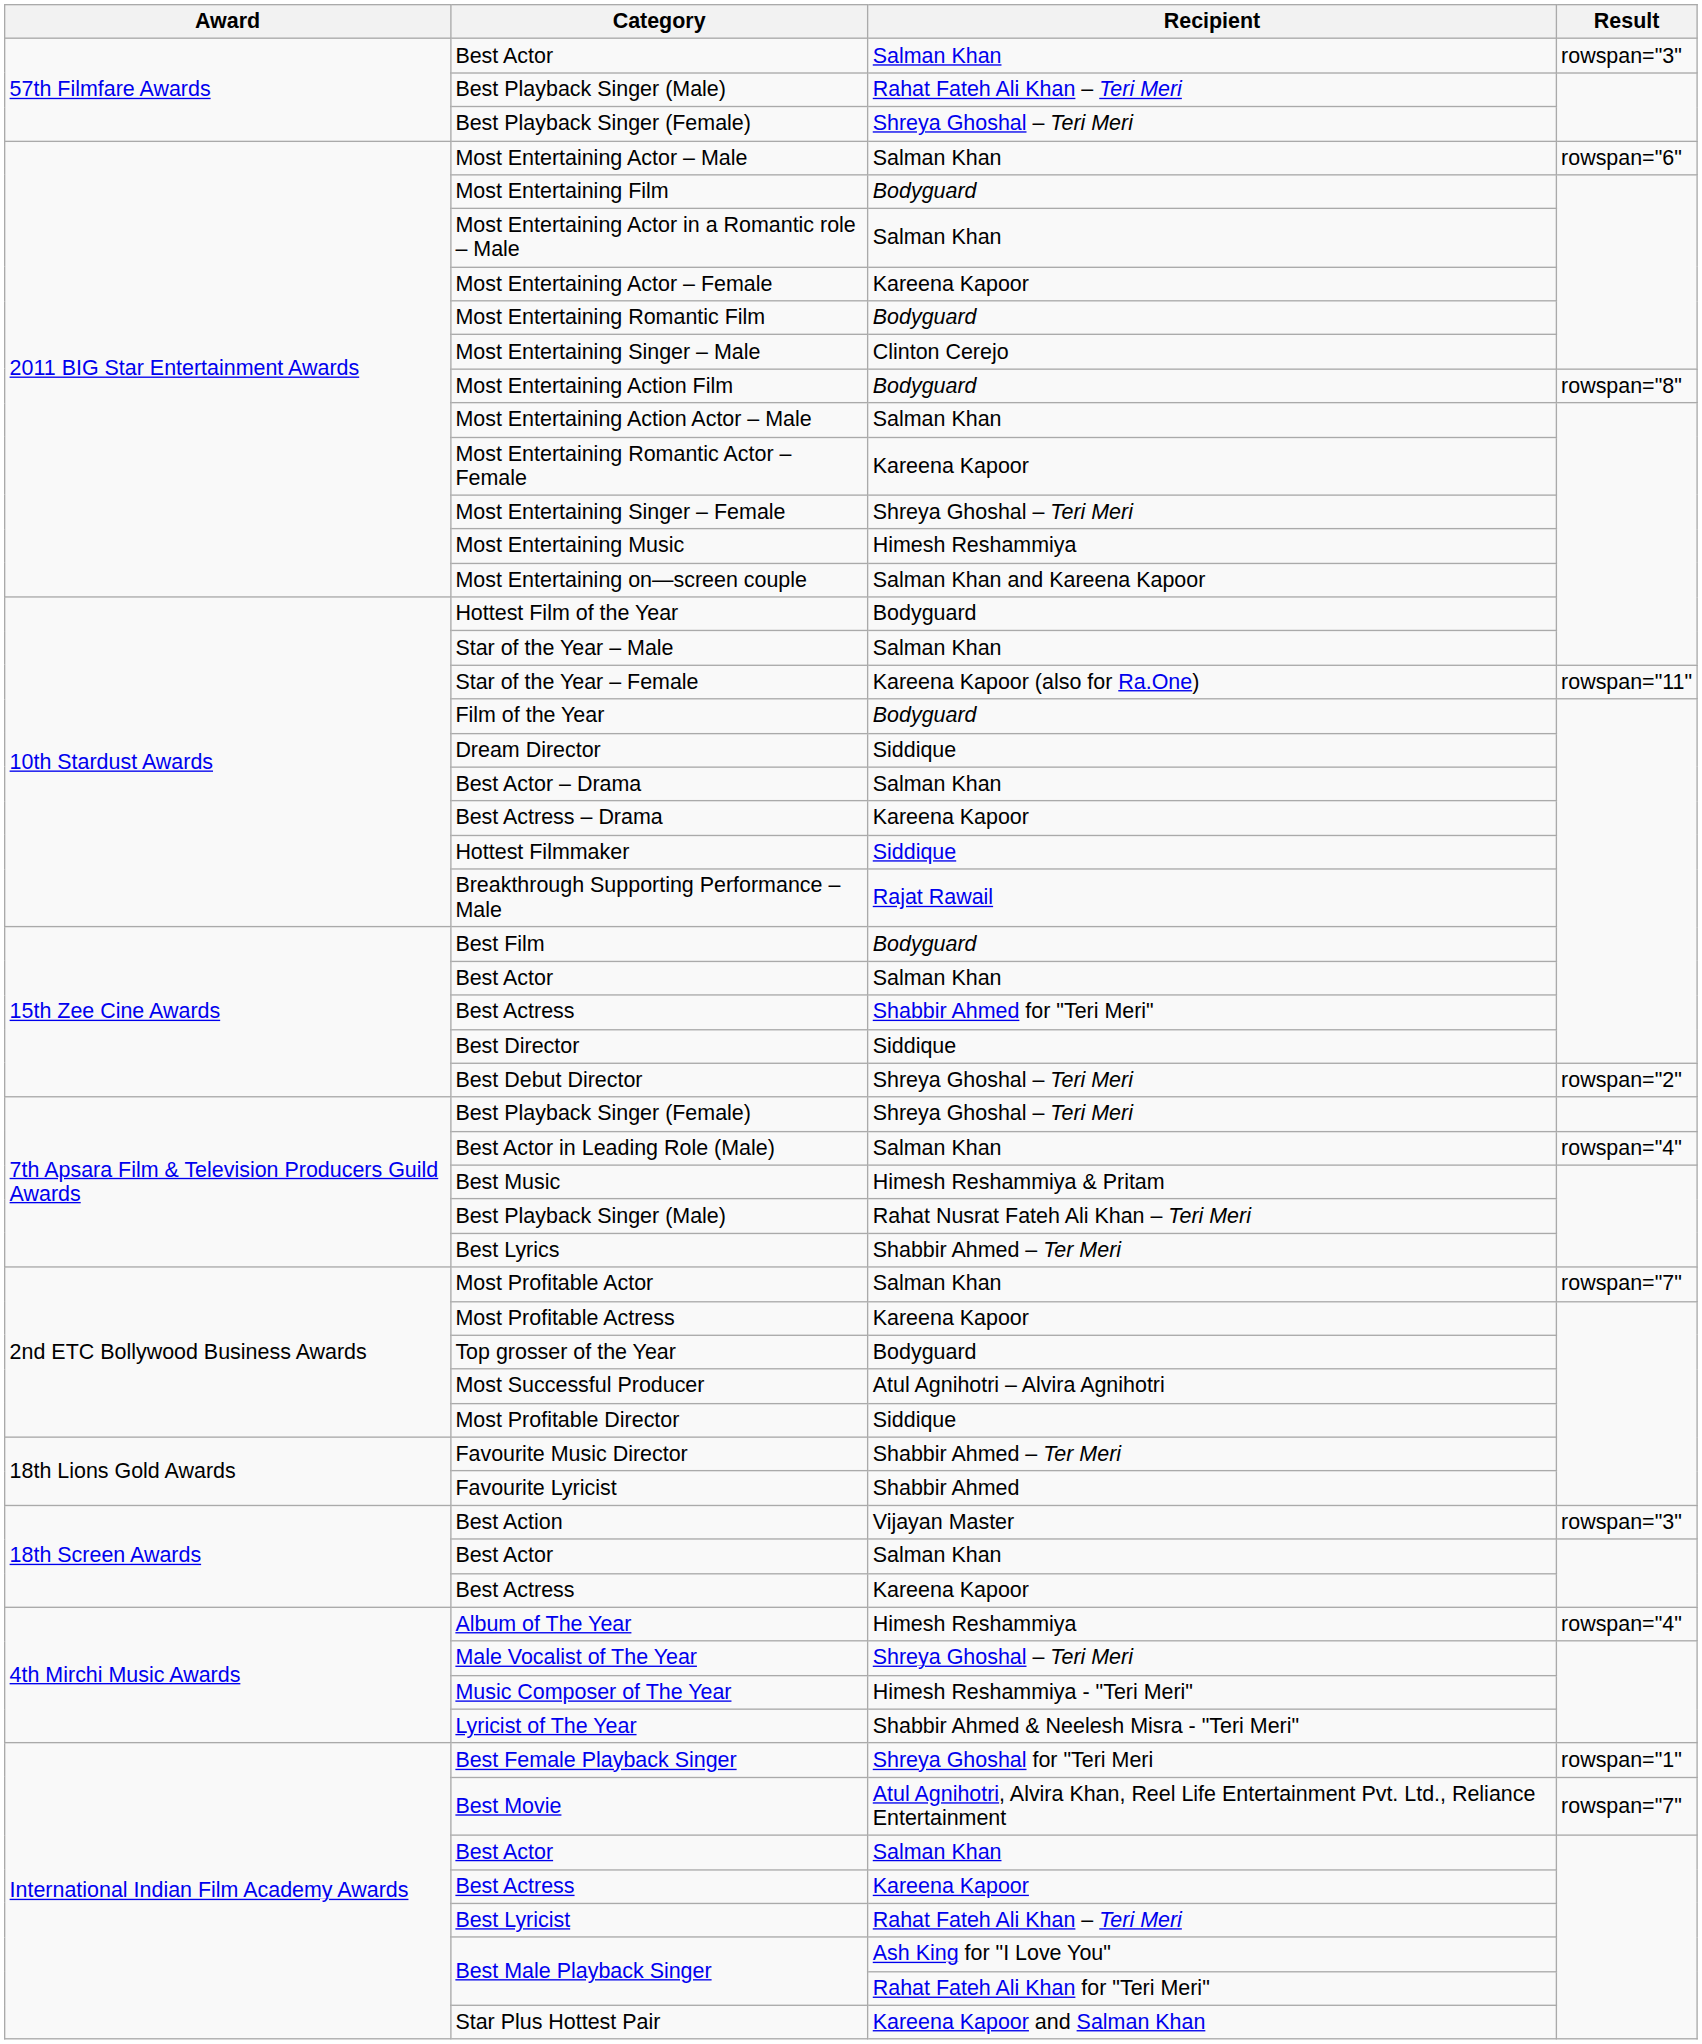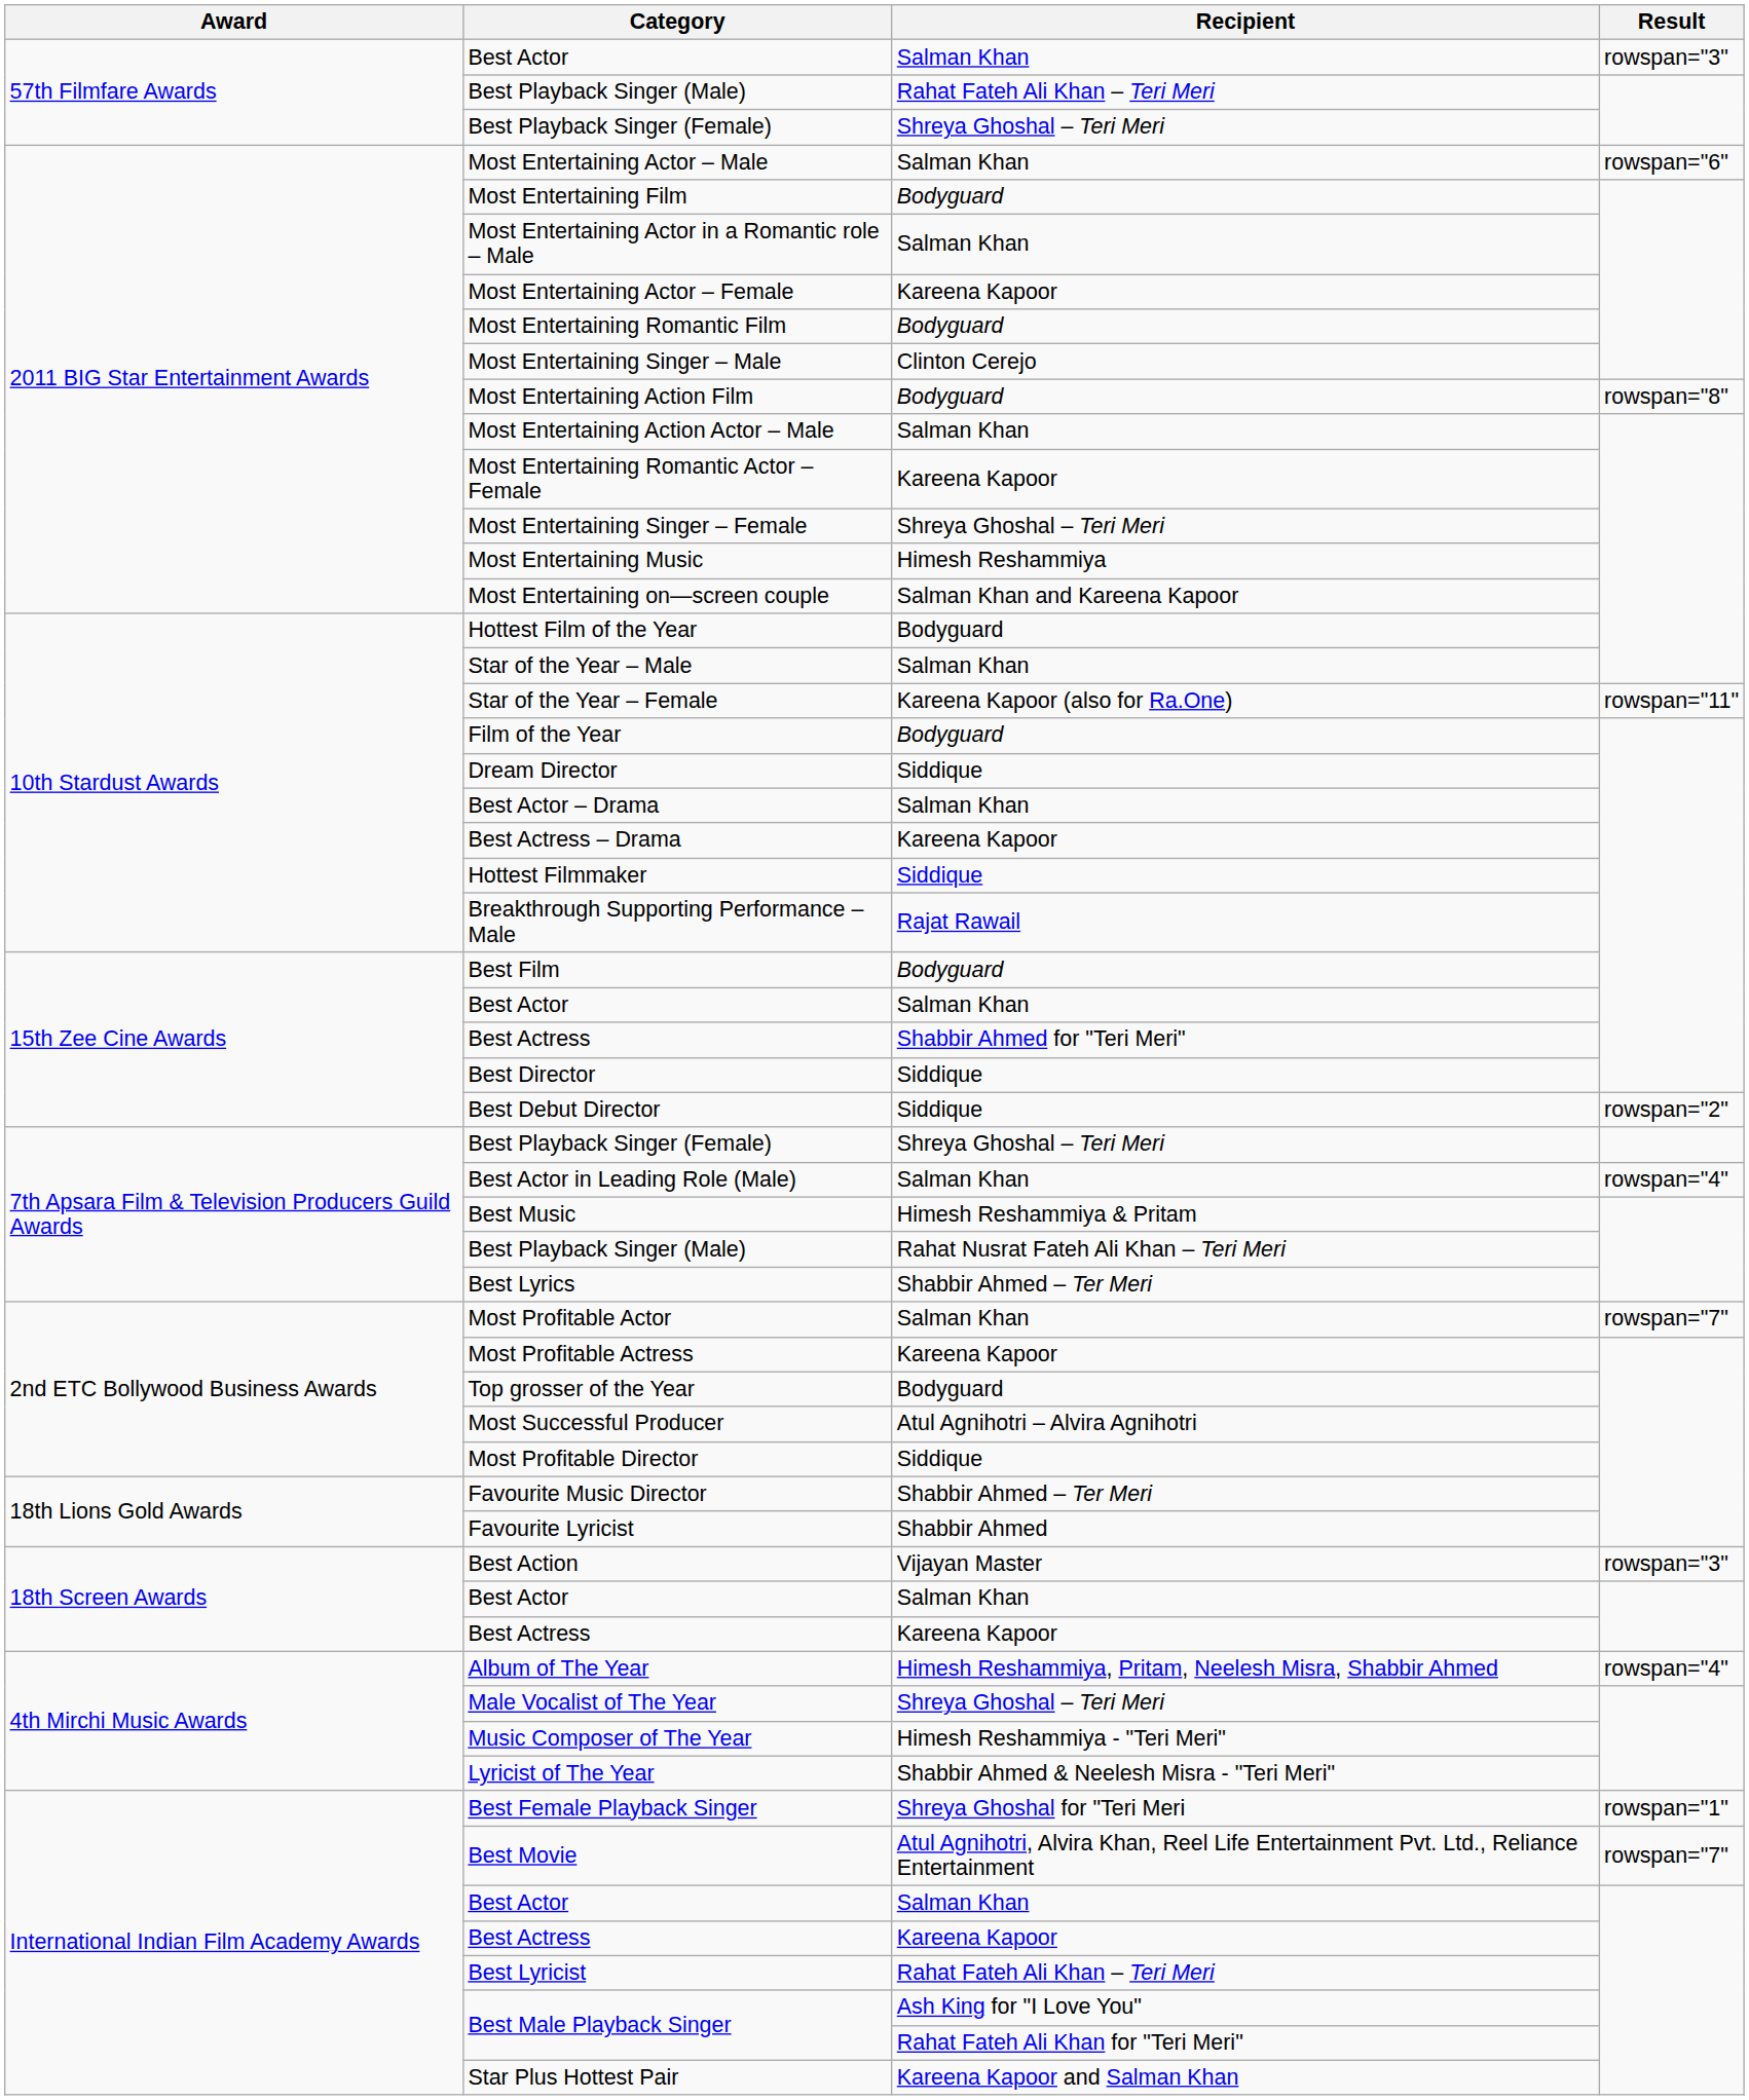 <table class="wikitable sortable" width="100%">
 <tr>
 <th>Award</th>
 <th>Category</th>
 <th>Recipient</th>
 <th>Result</th>
 </tr>
 <tr>
 <td rowspan="3"><a href='#'>57th Filmfare Awards</a></td>
 <td>Best Actor</td>
 <td><a href='#'>Salman Khan</a></td>
 <td>rowspan="3" </td>
 </tr>
 <tr>
 <td>Best Playback Singer (Male)</td>
 <td><a href='#'>Rahat Fateh Ali Khan</a> – <em><a href='#'>Teri Meri</a></em></td>
 </tr>
 <tr>
 <td>Best Playback Singer (Female)</td>
 <td><a href='#'>Shreya Ghoshal</a> – <em>Teri Meri</em></td>
 </tr>
 <tr>
 <td rowspan="12"><a href='#'>2011 BIG Star Entertainment Awards</a></td>
 <td>Most Entertaining Actor – Male</td>
 <td>Salman Khan</td>
 <td>rowspan="6" </td>
 </tr>
 <tr>
 <td>Most Entertaining Film</td>
 <td><em>Bodyguard</em></td>
 </tr>
 <tr>
 <td>Most Entertaining Actor in a Romantic role – Male</td>
 <td>Salman Khan</td>
 </tr>
 <tr>
 <td>Most Entertaining Actor – Female</td>
 <td>Kareena Kapoor</td>
 </tr>
 <tr>
 <td>Most Entertaining Romantic Film</td>
 <td><em>Bodyguard</em></td>
 </tr>
 <tr>
 <td>Most Entertaining Singer – Male</td>
 <td>Clinton Cerejo</td>
 </tr>
 <tr>
 <td>Most Entertaining Action Film</td>
 <td><em>Bodyguard</em></td>
 <td>rowspan="8" </td>
 </tr>
 <tr>
 <td>Most Entertaining Action Actor – Male</td>
 <td>Salman Khan</td>
 </tr>
 <tr>
 <td>Most Entertaining Romantic Actor – Female</td>
 <td>Kareena Kapoor</td>
 </tr>
 <tr>
 <td>Most Entertaining Singer – Female</td>
 <td>Shreya Ghoshal – <em>Teri Meri</em></td>
 </tr>
 <tr>
 <td>Most Entertaining Music</td>
 <td>Himesh Reshammiya</td>
 </tr>
 <tr>
 <td>Most Entertaining on—screen couple</td>
 <td>Salman Khan and Kareena Kapoor</td>
 </tr>
 <tr>
 <td rowspan="9"><a href='#'>10th Stardust Awards</a></td>
 <td>Hottest Film of the Year</td>
 <td>Bodyguard</td>
 </tr>
 <tr>
 <td>Star of the Year – Male</td>
 <td>Salman Khan</td>
 </tr>
 <tr>
 <td>Star of the Year – Female</td>
 <td>Kareena Kapoor (also for <a href='#'>Ra.One</a>)</td>
 <td>rowspan="11" </td>
 </tr>
 <tr>
 <td>Film of the Year</td>
 <td><em>Bodyguard</em></td>
 </tr>
 <tr>
 <td>Dream Director</td>
 <td>Siddique</td>
 </tr>
 <tr>
 <td>Best Actor – Drama</td>
 <td>Salman Khan</td>
 </tr>
 <tr>
 <td>Best Actress – Drama</td>
 <td>Kareena Kapoor</td>
 </tr>
 <tr>
 <td>Hottest Filmmaker</td>
 <td><a href='#'>Siddique</a></td>
 </tr>
 <tr>
 <td>Breakthrough Supporting Performance – Male</td>
 <td><a href='#'>Rajat Rawail</a></td>
 </tr>
 <tr>
 <td rowspan="5"><a href='#'>15th Zee Cine Awards</a></td>
 <td>Best Film</td>
 <td><em>Bodyguard</em></td>
 </tr>
 <tr>
 <td>Best Actor</td>
 <td>Salman Khan</td>
 </tr>
 <tr>
 <td>Best Actress</td>
 <td><a href='#'>Shabbir Ahmed</a> for "Teri Meri"</td>
 </tr>
 <tr>
 <td>Best Director</td>
 <td>Siddique</td>
 </tr>
 <tr>
 <td>Best Debut Director</td>
-<td>Shreya Ghoshal – <em>Teri Meri</em></td>
+<td>Siddique</td>
 <td>rowspan="2" </td>
 </tr>
 <tr>
 <td rowspan="5"><a href='#'>7th Apsara Film & Television Producers Guild Awards</a></td>
 <td>Best Playback Singer (Female)</td>
 <td>Shreya Ghoshal – <em>Teri Meri</em></td>
 </tr>
 <tr>
 <td>Best Actor in Leading Role (Male)</td>
 <td>Salman Khan</td>
 <td>rowspan="4" </td>
 </tr>
 <tr>
 <td>Best Music</td>
 <td>Himesh Reshammiya & Pritam</td>
 </tr>
 <tr>
 <td>Best Playback Singer (Male)</td>
 <td>Rahat Nusrat Fateh Ali Khan – <em>Teri Meri</em></td>
 </tr>
 <tr>
 <td>Best Lyrics</td>
 <td>Shabbir Ahmed – <em>Ter Meri</em></td>
 </tr>
 <tr>
 <td rowspan="5">2nd ETC Bollywood Business Awards</td>
 <td>Most Profitable Actor</td>
 <td>Salman Khan</td>
 <td>rowspan="7" </td>
 </tr>
 <tr>
 <td>Most Profitable Actress</td>
 <td>Kareena Kapoor</td>
 </tr>
 <tr>
 <td>Top grosser of the Year</td>
 <td>Bodyguard</td>
 </tr>
 <tr>
 <td>Most Successful Producer</td>
 <td>Atul Agnihotri – Alvira Agnihotri</td>
 </tr>
 <tr>
 <td>Most Profitable Director</td>
 <td>Siddique</td>
 </tr>
 <tr>
 <td rowspan="2">18th Lions Gold Awards</td>
 <td>Favourite Music Director</td>
 <td>Shabbir Ahmed – <em>Ter Meri</em></td>
 </tr>
 <tr>
 <td>Favourite Lyricist</td>
 <td>Shabbir Ahmed</td>
 </tr>
 <tr>
 <td rowspan="3"><a href='#'>18th Screen Awards</a></td>
 <td>Best Action</td>
 <td>Vijayan Master</td>
 <td>rowspan="3" </td>
 </tr>
 <tr>
 <td>Best Actor</td>
 <td>Salman Khan</td>
 </tr>
 <tr>
 <td>Best Actress</td>
 <td>Kareena Kapoor</td>
 </tr>
 <tr>
 <td rowspan="4"><a href='#'>4th Mirchi Music Awards</a></td>
 <td><a href='#'>Album of The Year</a></td>
-<td>Himesh Reshammiya</td>
+<td><a href='#'>Himesh Reshammiya</a>, <a href='#'>Pritam</a>, <a href='#'>Neelesh Misra</a>, <a href='#'>Shabbir Ahmed</a></td>
 <td>rowspan="4" </td>
 </tr>
 <tr>
 <td><a href='#'>Male Vocalist of The Year</a></td>
 <td><a href='#'>Shreya Ghoshal</a> – <em>Teri Meri</em></td>
 </tr>
 <tr>
 <td><a href='#'>Music Composer of The Year</a></td>
 <td>Himesh Reshammiya - "Teri Meri"</td>
 </tr>
 <tr>
 <td><a href='#'>Lyricist of The Year</a></td>
 <td>Shabbir Ahmed & Neelesh Misra - "Teri Meri"</td>
 </tr>
 <tr>
 <td rowspan="8"><a href='#'>International Indian Film Academy Awards</a></td>
 <td><a href='#'>Best Female Playback Singer</a></td>
 <td><a href='#'>Shreya Ghoshal</a> for "Teri Meri</td>
 <td>rowspan="1" </td>
 </tr>
 <tr>
 <td><a href='#'>Best Movie</a></td>
 <td><a href='#'>Atul Agnihotri</a>, Alvira Khan, Reel Life Entertainment Pvt. Ltd., Reliance Entertainment</td>
 <td>rowspan="7" </td>
 </tr>
 <tr>
 <td><a href='#'>Best Actor</a></td>
 <td><a href='#'>Salman Khan</a></td>
 </tr>
 <tr>
 <td><a href='#'>Best Actress</a></td>
 <td><a href='#'>Kareena Kapoor</a></td>
 </tr>
 <tr>
 <td><a href='#'>Best Lyricist</a></td>
 <td><a href='#'>Rahat Fateh Ali Khan</a> – <em><a href='#'>Teri Meri</a></em></td>
 </tr>
 <tr>
 <td rowspan="2"><a href='#'>Best Male Playback Singer</a></td>
 <td><a href='#'>Ash King</a> for "I Love You"</td>
 </tr>
 <tr>
 <td><a href='#'>Rahat Fateh Ali Khan</a> for "Teri Meri"</td>
 </tr>
 <tr>
 <td>Star Plus Hottest Pair</td>
 <td><a href='#'>Kareena Kapoor</a> and <a href='#'>Salman Khan</a></td>
 </tr>
 </table>
